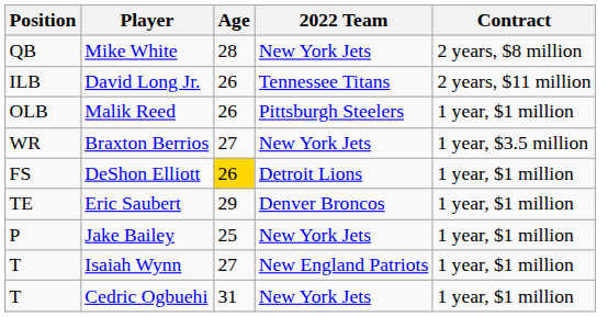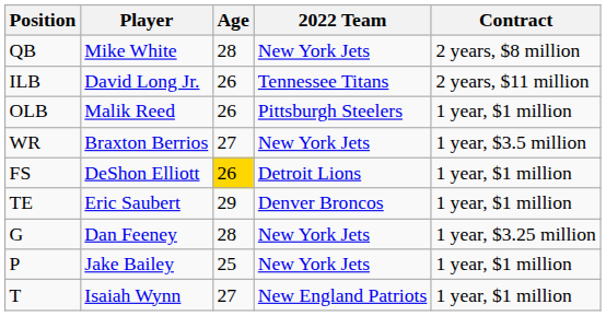 <table class="wikitable">
 <tr>
 <th scope="col">Position</th>
 <th scope="col">Player</th>
 <th scope="col">Age</th>
 <th scope="col">2022 Team</th>
 <th scope="col">Contract</th>
 </tr>
 <tr>
 <td>QB</td>
 <td scope="row"><a href='#'>Mike White</a></td>
 <td>28</td>
 <td><a href='#'>New York Jets</a></td>
 <td>2 years, $8 million</td>
 </tr>
 <tr>
 <td>ILB</td>
 <td scope="row"><a href='#'>David Long Jr.</a></td>
 <td>26</td>
 <td><a href='#'>Tennessee Titans</a></td>
 <td>2 years, $11 million</td>
 </tr>
 <tr>
 <td>OLB</td>
 <td scope="row"><a href='#'>Malik Reed</a></td>
 <td>26</td>
 <td><a href='#'>Pittsburgh Steelers</a></td>
 <td>1 year, $1 million</td>
 </tr>
 <tr>
 <td>WR</td>
 <td scope="row"><a href='#'>Braxton Berrios</a></td>
 <td>27</td>
 <td><a href='#'>New York Jets</a></td>
 <td>1 year, $3.5 million</td>
 </tr>
 <tr>
 <td>FS</td>
 <td scope="row"><a href='#'>DeShon Elliott</a></td>
 <td style="background: gold;">26</td>
 <td><a href='#'>Detroit Lions</a></td>
 <td>1 year, $1 million</td>
 </tr>
 <tr>
 <td>TE</td>
 <td scope="row"><a href='#'>Eric Saubert</a></td>
 <td>29</td>
 <td><a href='#'>Denver Broncos</a></td>
 <td>1 year, $1 million</td>
 </tr>
 <tr>
+<td>G</td>
+<td scope="row"><a href='#'>Dan Feeney</a></td>
+<td>28</td>
+<td><a href='#'>New York Jets</a></td>
+<td>1 year, $3.25 million</td>
+</tr>
+<tr>
 <td>P</td>
 <td scope="row"><a href='#'>Jake Bailey</a></td>
 <td>25</td>
 <td><a href='#'>New York Jets</a></td>
 <td>1 year, $1 million</td>
 </tr>
 <tr>
 <td>T</td>
 <td scope="row"><a href='#'>Isaiah Wynn</a></td>
 <td>27</td>
 <td><a href='#'>New England Patriots</a></td>
 <td>1 year, $1 million</td>
 </tr>
-<tr>
-<td>T</td>
-<td scope="row"><a href='#'>Cedric Ogbuehi</a></td>
-<td>31</td>
-<td><a href='#'>New York Jets</a></td>
-<td>1 year, $1 million</td>
-</tr>
 </table>
